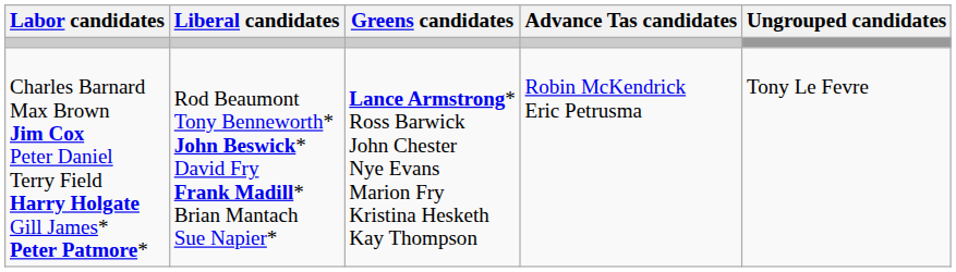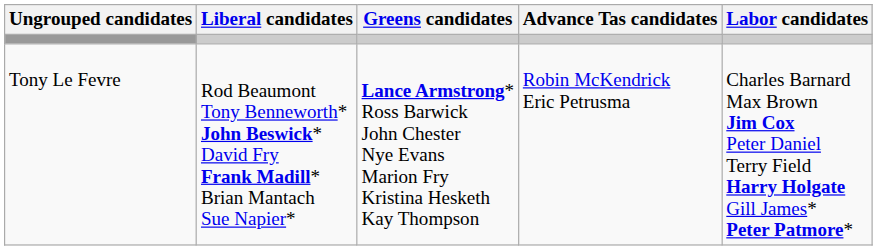 <table class="wikitable">
 <tr>
-<th><a href='#'>Labor</a> candidates</th>
+<th>Ungrouped candidates</th>
 <th><a href='#'>Liberal</a> candidates</th>
 <th><a href='#'>Greens</a> candidates</th>
 <th>Advance Tas candidates</th>
-<th>Ungrouped candidates</th>
+<th><a href='#'>Labor</a> candidates</th>
 </tr>
 <tr bgcolor="#cccccc">
+<td bgcolor="#999999"></td>
 <td></td>
 <td></td>
 <td></td>
 <td></td>
-<td bgcolor="#999999"></td>
 </tr>
 <tr>
-<td><br>Charles Barnard<br> Max Brown<br> <strong><a href='#'>Jim Cox</a></strong><br> <a href='#'>Peter Daniel</a><br> Terry Field<br> <strong><a href='#'>Harry Holgate</a></strong><br> <a href='#'>Gill James</a>*<br> <strong><a href='#'>Peter Patmore</a></strong>*</td>
+<td valign=top><br>Tony Le Fevre</td>
 <td><br>Rod Beaumont<br> <a href='#'>Tony Benneworth</a>*<br> <strong><a href='#'>John Beswick</a></strong>*<br> <a href='#'>David Fry</a><br> <strong><a href='#'>Frank Madill</a></strong>*<br> Brian Mantach<br> <a href='#'>Sue Napier</a>*</td>
 <td><br><strong><a href='#'>Lance Armstrong</a></strong>*<br> Ross Barwick<br> John Chester<br> Nye Evans<br> Marion Fry<br> Kristina Hesketh<br> Kay Thompson</td>
 <td valign=top><br><a href='#'>Robin McKendrick</a><br> Eric Petrusma</td>
-<td valign=top><br>Tony Le Fevre</td>
+<td><br>Charles Barnard<br> Max Brown<br> <strong><a href='#'>Jim Cox</a></strong><br> <a href='#'>Peter Daniel</a><br> Terry Field<br> <strong><a href='#'>Harry Holgate</a></strong><br> <a href='#'>Gill James</a>*<br> <strong><a href='#'>Peter Patmore</a></strong>*</td>
 </tr>
 </table>
